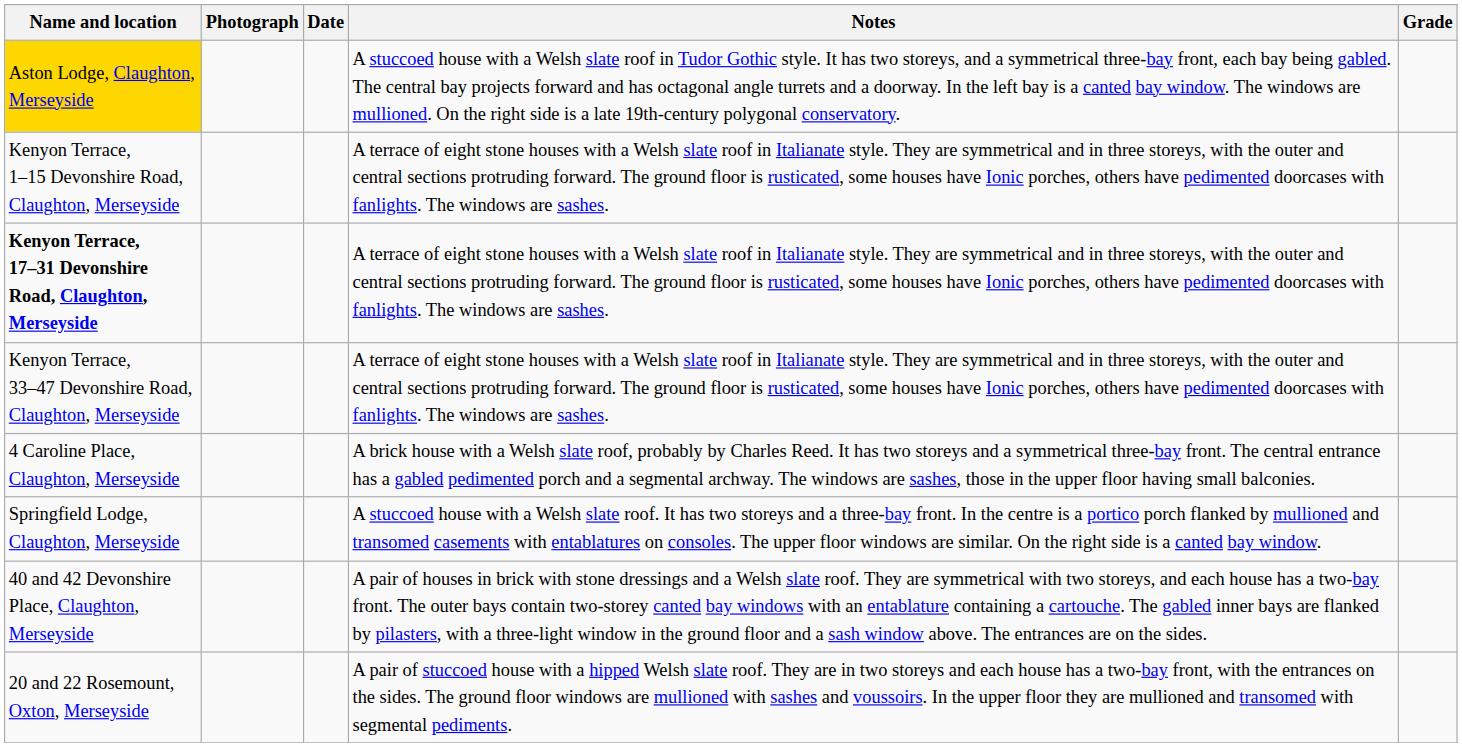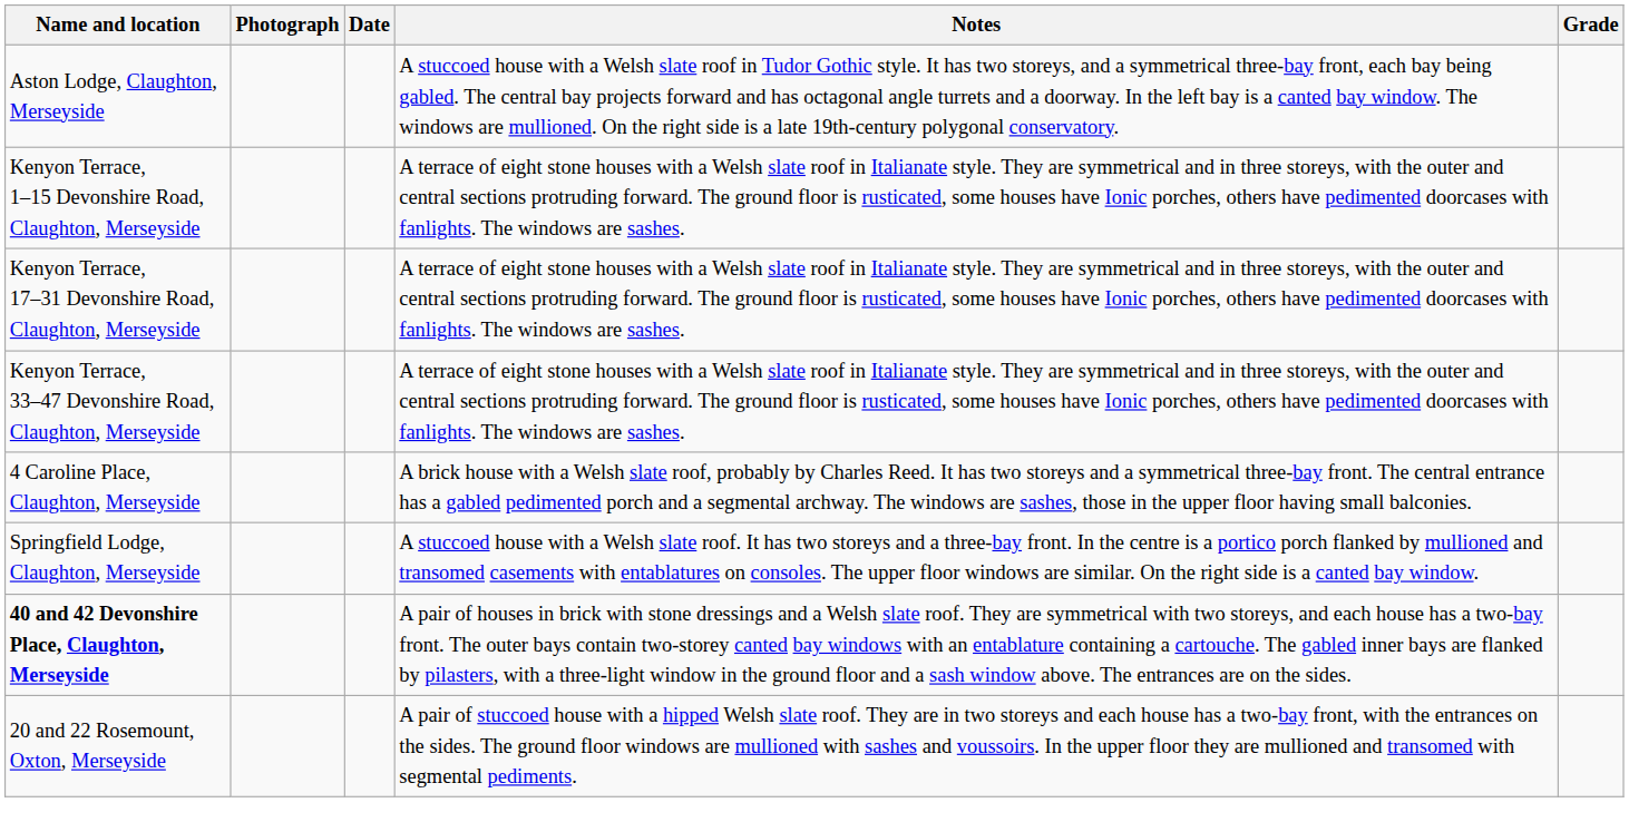 <table class="wikitable sortable plainrowheaders" style="width:100%;border:0px;text-align:left;line-height:150%;">
 <tr>
 <th style="col" style="width:150px">Name and location</th>
 <th style="col" style="width:100px" class="unsortable">Photograph</th>
 <th style="col" style="width:80px">Date</th>
 <th scope="col" class="unsortable">Notes</th>
 <th style="col" style="width:24px">Grade</th>
 </tr>
 <tr>
-<td style="background: gold;">Aston Lodge, <a href='#'>Claughton</a>, <a href='#'>Merseyside</a><br><small></small></td>
+<td>Aston Lodge, <a href='#'>Claughton</a>, <a href='#'>Merseyside</a><br><small></small></td>
 <td></td>
 <td align="center"></td>
 <td>A <a href='#'>stuccoed</a> house with a Welsh <a href='#'>slate</a> roof in <a href='#'>Tudor Gothic</a> style.  It has two storeys, and a symmetrical three-<a href='#'>bay</a> front, each bay being <a href='#'>gabled</a>.  The central bay projects forward and has octagonal angle turrets and a doorway.  In the left bay is a <a href='#'>canted</a> <a href='#'>bay window</a>.  The windows are <a href='#'>mullioned</a>.  On the right side is a late 19th-century polygonal <a href='#'>conservatory</a>.</td>
 <td align="center" ></td>
 </tr>
 <tr>
 <td>Kenyon Terrace,<br>1–15 Devonshire Road, <a href='#'>Claughton</a>, <a href='#'>Merseyside</a><br><small></small></td>
 <td></td>
 <td align="center"></td>
 <td>A terrace of eight stone houses with a Welsh <a href='#'>slate</a> roof in <a href='#'>Italianate</a> style.  They are symmetrical and in three storeys, with the outer and central sections protruding forward.  The ground floor is <a href='#'>rusticated</a>, some houses have <a href='#'>Ionic</a> porches, others have <a href='#'>pedimented</a> doorcases with <a href='#'>fanlights</a>.  The windows are <a href='#'>sashes</a>.</td>
 <td align="center" ></td>
 </tr>
 <tr>
-<td><strong>Kenyon Terrace,<br>17–31 Devonshire Road, <a href='#'>Claughton</a>, <a href='#'>Merseyside</a><br><small></small></strong></td>
+<td>Kenyon Terrace,<br>17–31 Devonshire Road, <a href='#'>Claughton</a>, <a href='#'>Merseyside</a><br><small></small></td>
 <td></td>
 <td align="center"></td>
 <td>A terrace of eight stone houses with a Welsh <a href='#'>slate</a> roof in <a href='#'>Italianate</a> style.  They are symmetrical and in three storeys, with the outer and central sections protruding forward.  The ground floor is <a href='#'>rusticated</a>, some houses have <a href='#'>Ionic</a> porches, others have <a href='#'>pedimented</a> doorcases with <a href='#'>fanlights</a>.  The windows are <a href='#'>sashes</a>.</td>
 <td align="center" ></td>
 </tr>
 <tr>
 <td>Kenyon Terrace,<br>33–47 Devonshire Road, <a href='#'>Claughton</a>, <a href='#'>Merseyside</a><br><small></small></td>
 <td></td>
 <td align="center"></td>
 <td>A terrace of eight stone houses with a Welsh <a href='#'>slate</a> roof in <a href='#'>Italianate</a> style.  They are symmetrical and in three storeys, with the outer and central sections protruding forward.  The ground floor is <a href='#'>rusticated</a>, some houses have <a href='#'>Ionic</a> porches, others have <a href='#'>pedimented</a> doorcases with <a href='#'>fanlights</a>.  The windows are <a href='#'>sashes</a>.</td>
 <td align="center" ></td>
 </tr>
 <tr>
 <td>4 Caroline Place, <a href='#'>Claughton</a>, <a href='#'>Merseyside</a><br><small></small></td>
 <td></td>
 <td align="center"></td>
 <td>A brick house with a Welsh <a href='#'>slate</a> roof, probably by Charles Reed.  It has two storeys and a symmetrical three-<a href='#'>bay</a> front.  The central entrance has a <a href='#'>gabled</a> <a href='#'>pedimented</a> porch and a segmental archway.  The windows are <a href='#'>sashes</a>, those in the upper floor having small balconies.</td>
 <td align="center" ></td>
 </tr>
 <tr>
 <td>Springfield Lodge, <a href='#'>Claughton</a>, <a href='#'>Merseyside</a><br><small></small></td>
 <td></td>
 <td align="center"></td>
 <td>A <a href='#'>stuccoed</a> house with a Welsh <a href='#'>slate</a> roof.  It has two storeys and a three-<a href='#'>bay</a> front.  In the centre is a <a href='#'>portico</a> porch flanked by <a href='#'>mullioned</a> and <a href='#'>transomed</a> <a href='#'>casements</a> with <a href='#'>entablatures</a> on <a href='#'>consoles</a>.  The upper floor windows are similar.  On the right side is a <a href='#'>canted</a> <a href='#'>bay window</a>.</td>
 <td align="center" ></td>
 </tr>
 <tr>
-<td>40 and 42 Devonshire Place, <a href='#'>Claughton</a>, <a href='#'>Merseyside</a><br><small></small></td>
+<td><strong>40 and 42 Devonshire Place, <a href='#'>Claughton</a>, <a href='#'>Merseyside</a><br><small></small></strong></td>
 <td></td>
 <td align="center"></td>
 <td>A pair of houses in brick with stone dressings and a Welsh <a href='#'>slate</a> roof.  They are symmetrical with two storeys, and each house has a two-<a href='#'>bay</a> front.  The outer bays contain two-storey <a href='#'>canted</a> <a href='#'>bay windows</a> with an <a href='#'>entablature</a> containing a <a href='#'>cartouche</a>.  The <a href='#'>gabled</a> inner bays are flanked by <a href='#'>pilasters</a>, with a three-light window in the ground floor and a <a href='#'>sash window</a> above.  The entrances are on the sides.</td>
 <td align="center" ></td>
 </tr>
 <tr>
 <td>20 and 22 Rosemount, <a href='#'>Oxton</a>, <a href='#'>Merseyside</a><br><small></small></td>
 <td></td>
 <td align="center"></td>
 <td>A pair of <a href='#'>stuccoed</a> house with a <a href='#'>hipped</a> Welsh <a href='#'>slate</a> roof.  They are in two storeys and each house has a two-<a href='#'>bay</a> front, with the entrances on the sides.  The ground floor windows are <a href='#'>mullioned</a> with <a href='#'>sashes</a> and <a href='#'>voussoirs</a>.  In the upper floor they are mullioned and <a href='#'>transomed</a> with segmental <a href='#'>pediments</a>.</td>
 <td align="center" ></td>
 </tr>
 <tr>
 </tr>
 </table>
